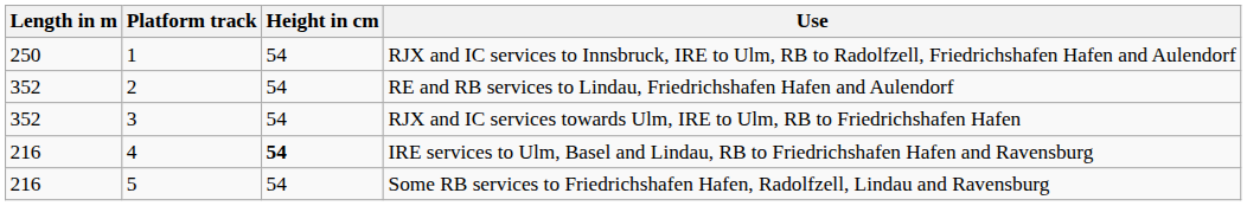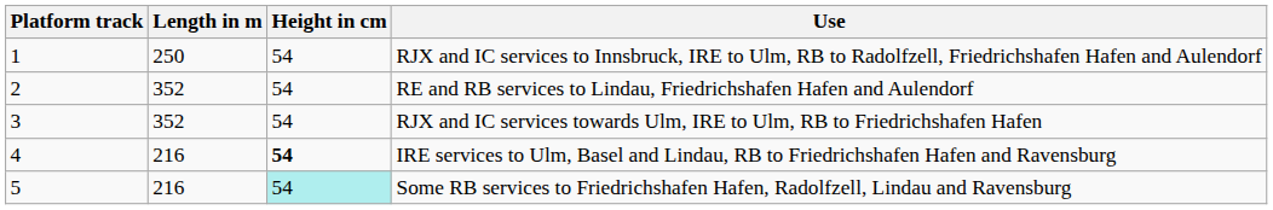 <table class="wikitable">
 <tr class="hintergrundfarbe6">
+<th>Platform track</th>
 <th>Length in m</th>
-<th>Platform track</th>
 <th>Height in cm</th>
 <th>Use</th>
 </tr>
 <tr>
+<td>1</td>
 <td>250</td>
-<td>1</td>
 <td>54</td>
 <td>RJX and IC services to Innsbruck, IRE to Ulm, RB to Radolfzell, Friedrichshafen Hafen and Aulendorf</td>
 </tr>
 <tr>
+<td>2</td>
 <td>352</td>
-<td>2</td>
 <td>54</td>
 <td>RE and RB services to Lindau, Friedrichshafen Hafen and Aulendorf</td>
 </tr>
 <tr>
+<td>3</td>
 <td>352</td>
-<td>3</td>
 <td>54</td>
 <td>RJX and IC services towards Ulm, IRE to Ulm, RB to Friedrichshafen Hafen</td>
 </tr>
 <tr>
+<td>4</td>
 <td>216</td>
-<td>4</td>
 <td><strong>54</strong></td>
 <td>IRE services to Ulm, Basel and Lindau, RB to Friedrichshafen Hafen and Ravensburg</td>
 </tr>
 <tr>
+<td>5</td>
 <td>216</td>
-<td>5</td>
-<td>54</td>
+<td style="background: paleturquoise;">54</td>
 <td>Some RB services to Friedrichshafen Hafen, Radolfzell, Lindau and Ravensburg</td>
 </tr>
 </table>
